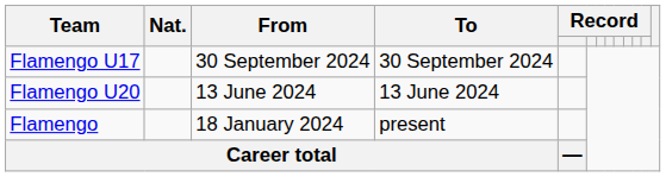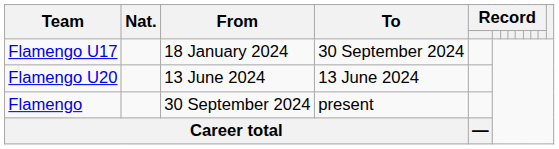 <table class="wikitable" style="text-align: center">
 <tr>
 <th rowspan="2">Team</th>
 <th rowspan="2">Nat.</th>
 <th rowspan="2">From</th>
 <th rowspan="2">To</th>
 <th colspan="8">Record</th>
 <th rowspan=2></th>
 </tr>
 <tr>
 <th></th>
 <th></th>
 <th></th>
 <th></th>
 <th></th>
 <th></th>
 <th></th>
 <th></th>
 </tr>
 <tr>
 <td align="left"><a href='#'>Flamengo U17</a></td>
 <td></td>
-<td align=left>30 September 2024</td>
+<td align=left>18 January 2024</td>
 <td align=left>30 September 2024<br></td>
 <td></td>
 </tr>
 <tr>
 <td align="left"><a href='#'>Flamengo U20</a></td>
 <td></td>
 <td align=left>13 June 2024</td>
 <td align=left>13 June 2024<br></td>
 <td></td>
 </tr>
 <tr>
 <td align="left"><a href='#'>Flamengo</a></td>
 <td></td>
-<td align=left>18 January 2024</td>
+<td align=left>30 September 2024</td>
 <td align=left>present<br></td>
 <td></td>
 </tr>
 <tr>
 <th colspan=4><strong>Career total</strong><br></th>
 <th>—</th>
 </tr>
 </table>
